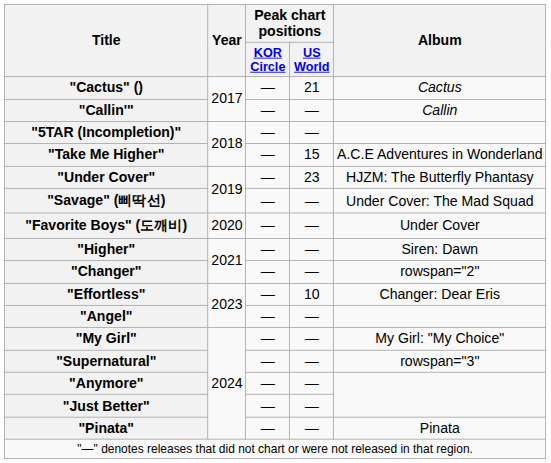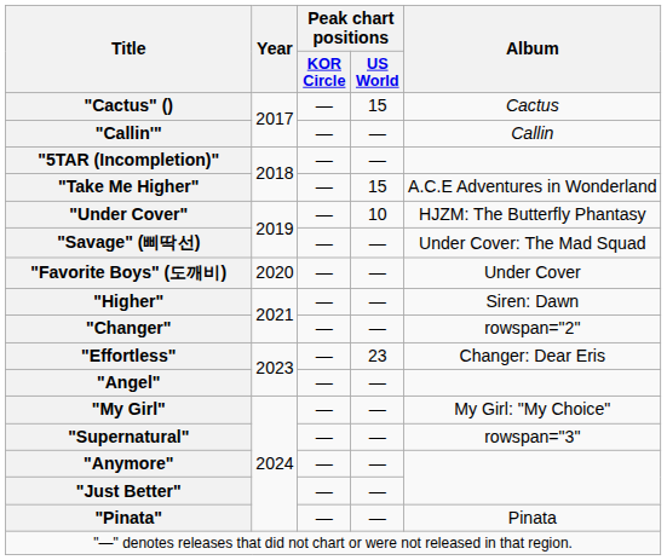 <table class="wikitable plainrowheaders" style="text-align:center;">
 <tr>
 <th scope="col" rowspan="2" style="width:14em;">Title</th>
 <th scope="col" rowspan="2">Year</th>
 <th scope="col" colspan="2">Peak chart positions</th>
 <th scope="col" rowspan="2">Album</th>
 </tr>
 <tr>
 <th scope="col" style="width:3em;font-size:90%;"><a href='#'>KOR Circle</a><br></th>
 <th scope="col" style="width:3em;font-size:90%;"><a href='#'>US World</a><br></th>
 </tr>
 <tr>
 <th scope="row">"Cactus" ()</th>
 <td rowspan="2">2017</td>
 <td>—</td>
-<td>21</td>
+<td>15</td>
 <td><em>Cactus</em></td>
 </tr>
 <tr>
 <th scope="row">"Callin'"</th>
 <td>—</td>
 <td>—</td>
 <td><em>Callin<strong></td>
 </tr>
 <tr>
 <th scope="row">"5TAR (Incompletion)"</th>
 <td rowspan="2">2018</td>
 <td>—</td>
 <td>—</td>
 <td></td>
 </tr>
 <tr>
 <th scope="row">"Take Me Higher"</th>
 <td>—</td>
 <td>15</td>
 <td></em>A.C.E Adventures in Wonderland<em></td>
 </tr>
 <tr>
 <th scope="row">"Under Cover"</th>
 <td rowspan="2">2019</td>
 <td>—</td>
-<td>23</td>
+<td>10</td>
 <td></em>HJZM: The Butterfly Phantasy<em></td>
 </tr>
 <tr>
 <th scope="row">"Savage" (삐딱선)</th>
 <td>—</td>
 <td>—</td>
 <td></em>Under Cover: The Mad Squad<em></td>
 </tr>
 <tr>
 <th scope="row">"Favorite Boys" (도깨비)</th>
 <td>2020</td>
 <td>—</td>
 <td>—</td>
 <td></em>Under Cover<em></td>
 </tr>
 <tr>
 <th scope="row">"Higher"</th>
 <td rowspan="2">2021</td>
 <td>—</td>
 <td>—</td>
 <td></em>Siren: Dawn<em></td>
 </tr>
 <tr>
 <th scope="row">"Changer"</th>
 <td>—</td>
 <td>—</td>
 <td>rowspan="2" </td>
 </tr>
 <tr>
 <th scope="row">"Effortless"</th>
 <td rowspan="2">2023</td>
 <td>—</td>
-<td>10</td>
+<td>23</td>
 <td></em>Changer: Dear Eris<em></td>
 </tr>
 <tr>
 <th scope="row">"Angel"</th>
 <td>—</td>
 <td>—</td>
 </tr>
 <tr>
 <th scope="row">"My Girl"</th>
 <td rowspan="5">2024</td>
 <td>—</td>
 <td>—</td>
 <td></em>My Girl: "My Choice"<em></td>
 </tr>
 <tr>
 <th scope="row">"Supernatural"</th>
 <td>—</td>
 <td>—</td>
 <td>rowspan="3" </td>
 </tr>
 <tr>
 <th scope="row">"Anymore"</th>
 <td>—</td>
 <td>—</td>
 </tr>
 <tr>
 <th scope="row">"Just Better"</th>
 <td>—</td>
 <td>—</td>
 </tr>
 <tr>
 <th scope="row">"Pinata"</th>
 <td>—</td>
 <td>—</td>
 <td></em>Pinata<em></td>
 </tr>
 <tr>
 <td colspan="6" style="font-size:85%">"—" denotes releases that did not chart or were not released in that region.</td>
 </tr>
 </table>
